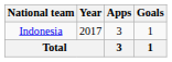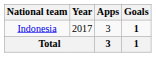 <table class=wikitable style=text-align:center>
 <tr>
 <th>National team</th>
 <th>Year</th>
 <th>Apps</th>
 <th>Goals</th>
 </tr>
 <tr>
 <td><a href='#'>Indonesia</a></td>
 <td>2017</td>
 <td>3</td>
-<td>1</td>
+<td><strong>1</strong></td>
 </tr>
 <tr>
 <th colspan=2>Total</th>
 <th>3</th>
 <th>1</th>
 </tr>
 </table>
